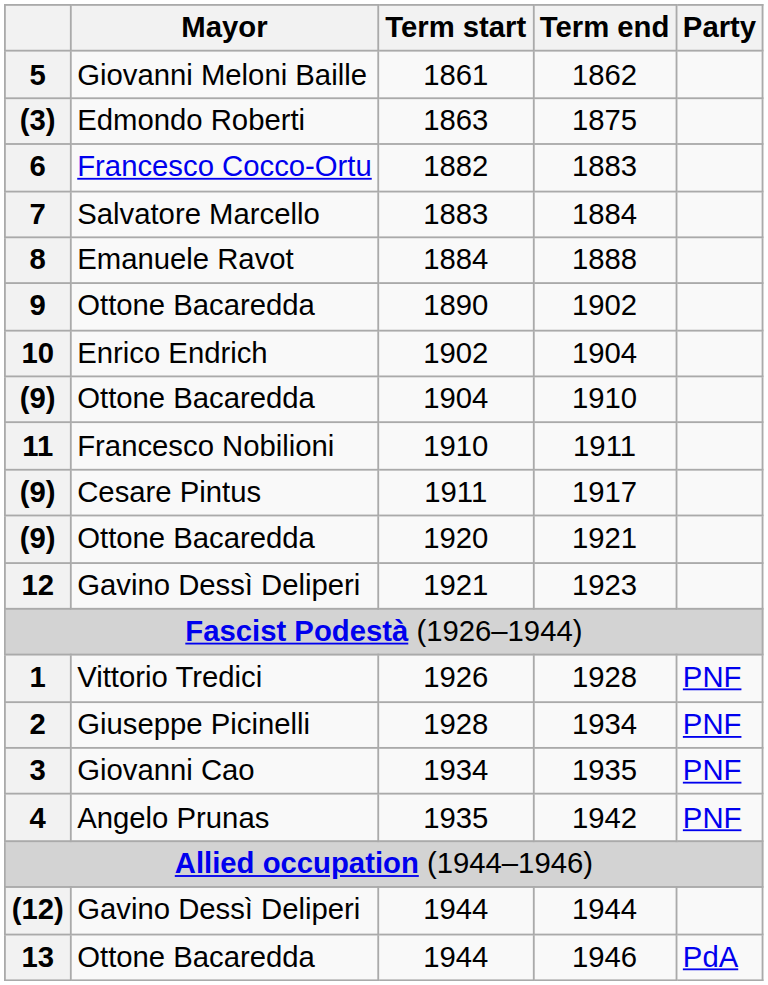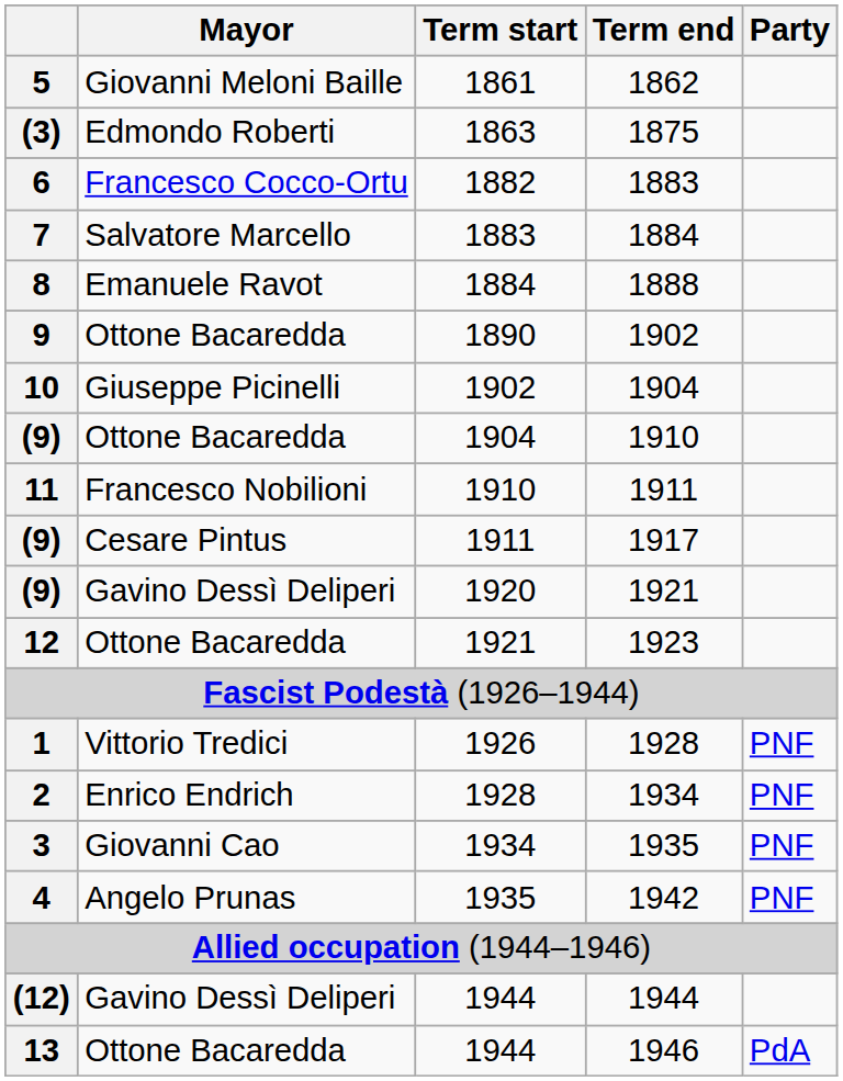 <table class="wikitable">
 <tr>
 <th class=unsortable> </th>
 <th>Mayor</th>
 <th>Term start</th>
 <th>Term end</th>
 <th>Party</th>
 </tr>
 <tr>
 <th rowspan=1 style="background:">5</th>
 <td>Giovanni Meloni Baille</td>
 <td align=center>1861</td>
 <td align=center>1862</td>
 <td></td>
 </tr>
 <tr>
 <th rowspan=1 style="background:">(3)</th>
 <td>Edmondo Roberti</td>
 <td align=center>1863</td>
 <td align=center>1875</td>
 <td></td>
 </tr>
 <tr>
 <th rowspan=1 style="background:">6</th>
 <td><a href='#'>Francesco Cocco-Ortu</a></td>
 <td align=center>1882</td>
 <td align=center>1883</td>
 <td></td>
 </tr>
 <tr>
 <th rowspan=1 style="background:">7</th>
 <td>Salvatore Marcello</td>
 <td align=center>1883</td>
 <td align=center>1884</td>
 <td></td>
 </tr>
 <tr>
 <th rowspan=1 style="background:">8</th>
 <td>Emanuele Ravot</td>
 <td align=center>1884</td>
 <td align=center>1888</td>
 <td></td>
 </tr>
 <tr>
 <th rowspan=1 style="background:">9</th>
 <td>Ottone Bacaredda</td>
 <td align=center>1890</td>
 <td align=center>1902</td>
 <td></td>
 </tr>
 <tr>
 <th rowspan=1 style="background:">10</th>
-<td>Enrico Endrich</td>
+<td>Giuseppe Picinelli</td>
 <td align=center>1902</td>
 <td align=center>1904</td>
 <td></td>
 </tr>
 <tr>
 <th rowspan=1 style="background:">(9)</th>
 <td>Ottone Bacaredda</td>
 <td align=center>1904</td>
 <td align=center>1910</td>
 <td></td>
 </tr>
 <tr>
 <th rowspan=1 style="background:">11</th>
 <td>Francesco Nobilioni</td>
 <td align=center>1910</td>
 <td align=center>1911</td>
 <td></td>
 </tr>
 <tr>
 <th rowspan=1 style="background:">(9)</th>
 <td>Cesare Pintus</td>
 <td align=center>1911</td>
 <td align=center>1917</td>
 <td></td>
 </tr>
 <tr>
 <th rowspan=1 style="background:">(9)</th>
-<td>Ottone Bacaredda</td>
+<td>Gavino Dessì Deliperi</td>
 <td align=center>1920</td>
 <td align=center>1921</td>
 <td></td>
 </tr>
 <tr>
 <th rowspan=1 style="background:">12</th>
-<td>Gavino Dessì Deliperi</td>
+<td>Ottone Bacaredda</td>
 <td align=center>1921</td>
 <td align=center>1923</td>
 <td></td>
 </tr>
 <tr>
 <td colspan="8" bgcolor="lightgrey" align=center><strong><a href='#'>Fascist Podestà</a></strong> (1926–1944)</td>
 </tr>
 <tr>
 <th rowspan=1 style="background:">1</th>
 <td>Vittorio Tredici</td>
 <td align=center>1926</td>
 <td align=center>1928</td>
 <td><a href='#'>PNF</a></td>
 </tr>
 <tr>
 <th rowspan=1 style="background:">2</th>
-<td>Giuseppe Picinelli</td>
+<td>Enrico Endrich</td>
 <td align=center>1928</td>
 <td align=center>1934</td>
 <td><a href='#'>PNF</a></td>
 </tr>
 <tr>
 <th rowspan=1 style="background:">3</th>
 <td>Giovanni Cao</td>
 <td align=center>1934</td>
 <td align=center>1935</td>
 <td><a href='#'>PNF</a></td>
 </tr>
 <tr>
 <th rowspan=1 style="background:">4</th>
 <td>Angelo Prunas</td>
 <td align=center>1935</td>
 <td align=center>1942</td>
 <td><a href='#'>PNF</a></td>
 </tr>
 <tr>
 <td colspan="8" bgcolor="lightgrey" align=center><strong><a href='#'>Allied occupation</a></strong> (1944–1946)</td>
 </tr>
 <tr>
 <th rowspan=1 style="background:">(12)</th>
 <td>Gavino Dessì Deliperi</td>
 <td align=center>1944</td>
 <td align=center>1944</td>
 <td></td>
 </tr>
 <tr>
 <th rowspan=1 style="background:">13</th>
 <td>Ottone Bacaredda</td>
 <td align=center>1944</td>
 <td align=center>1946</td>
 <td><a href='#'>PdA</a></td>
 </tr>
 </table>
